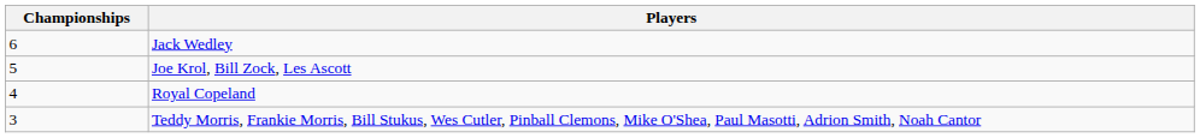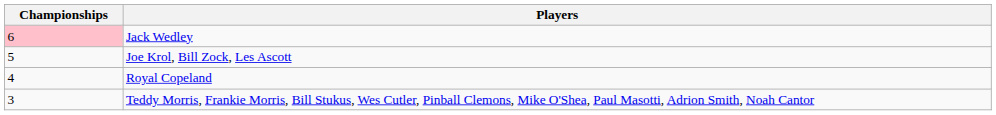 <table class="wikitable" style="width:60%; text-align:centre; border-collapse:collapse;">
 <tr>
 <th>Championships</th>
 <th>Players</th>
 </tr>
 <tr>
-<td>6</td>
+<td style="background: pink;">6</td>
 <td><a href='#'>Jack Wedley</a></td>
 </tr>
 <tr>
 <td>5</td>
 <td><a href='#'>Joe Krol</a>, <a href='#'>Bill Zock</a>, <a href='#'>Les Ascott</a></td>
 </tr>
 <tr>
 <td>4</td>
 <td><a href='#'>Royal Copeland</a></td>
 </tr>
 <tr>
 <td>3</td>
 <td><a href='#'>Teddy Morris</a>, <a href='#'>Frankie Morris</a>, <a href='#'>Bill Stukus</a>, <a href='#'>Wes Cutler</a>, <a href='#'>Pinball Clemons</a>, <a href='#'>Mike O'Shea</a>, <a href='#'>Paul Masotti</a>, <a href='#'>Adrion Smith</a>, <a href='#'>Noah Cantor</a></td>
 </tr>
 </table>
